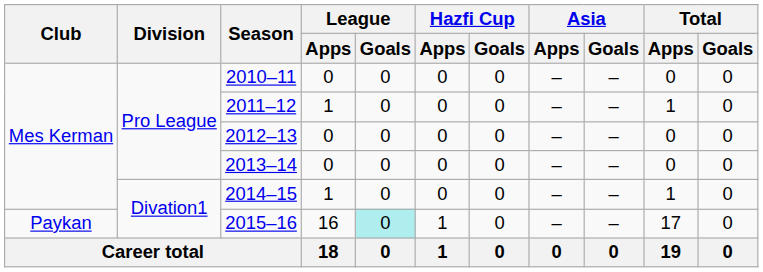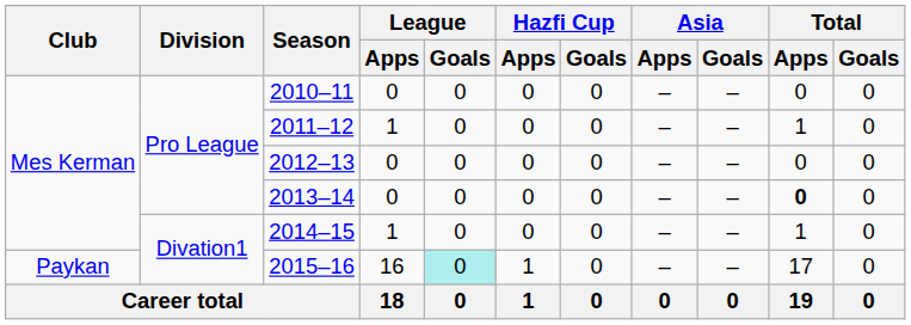 <table class="wikitable" style="text-align: center;">
 <tr>
 <th rowspan="2">Club</th>
 <th rowspan="2">Division</th>
 <th rowspan="2">Season</th>
 <th colspan="2">League</th>
 <th colspan="2"><a href='#'>Hazfi Cup</a></th>
 <th colspan="2"><a href='#'>Asia</a></th>
 <th colspan="2">Total</th>
 </tr>
 <tr>
 <th>Apps</th>
 <th>Goals</th>
 <th>Apps</th>
 <th>Goals</th>
 <th>Apps</th>
 <th>Goals</th>
 <th>Apps</th>
 <th>Goals</th>
 </tr>
 <tr>
 <td rowspan="5"><a href='#'>Mes Kerman</a></td>
 <td rowspan="4"><a href='#'>Pro League</a></td>
 <td><a href='#'>2010–11</a></td>
 <td>0</td>
 <td>0</td>
 <td>0</td>
 <td>0</td>
 <td>–</td>
 <td>–</td>
 <td>0</td>
 <td>0</td>
 </tr>
 <tr>
 <td><a href='#'>2011–12</a></td>
 <td>1</td>
 <td>0</td>
 <td>0</td>
 <td>0</td>
 <td>–</td>
 <td>–</td>
 <td>1</td>
 <td>0</td>
 </tr>
 <tr>
 <td><a href='#'>2012–13</a></td>
 <td>0</td>
 <td>0</td>
 <td>0</td>
 <td>0</td>
 <td>–</td>
 <td>–</td>
 <td>0</td>
 <td>0</td>
 </tr>
 <tr>
 <td><a href='#'>2013–14</a></td>
 <td>0</td>
 <td>0</td>
 <td>0</td>
 <td>0</td>
 <td>–</td>
 <td>–</td>
-<td>0</td>
+<td><strong>0</strong></td>
 <td>0</td>
 </tr>
 <tr>
 <td rowspan="2"><a href='#'>Divation1</a></td>
 <td><a href='#'>2014–15</a></td>
 <td>1</td>
 <td>0</td>
 <td>0</td>
 <td>0</td>
 <td>–</td>
 <td>–</td>
 <td>1</td>
 <td>0</td>
 </tr>
 <tr>
 <td><a href='#'>Paykan</a></td>
 <td><a href='#'>2015–16</a></td>
 <td>16</td>
 <td style="background: paleturquoise;">0</td>
 <td>1</td>
 <td>0</td>
 <td>–</td>
 <td>–</td>
 <td>17</td>
 <td>0</td>
 </tr>
 <tr>
 <th colspan=3>Career total</th>
 <th>18</th>
 <th>0</th>
 <th>1</th>
 <th>0</th>
 <th>0</th>
 <th>0</th>
 <th>19</th>
 <th>0</th>
 </tr>
 </table>
